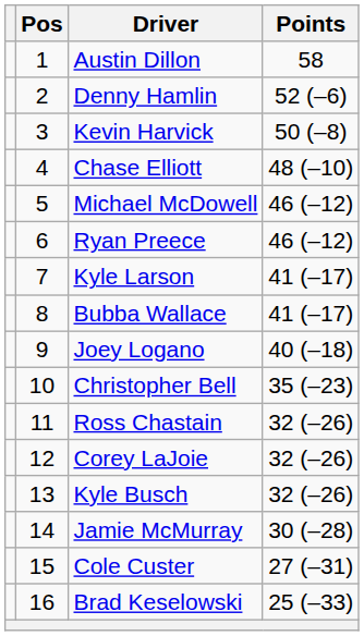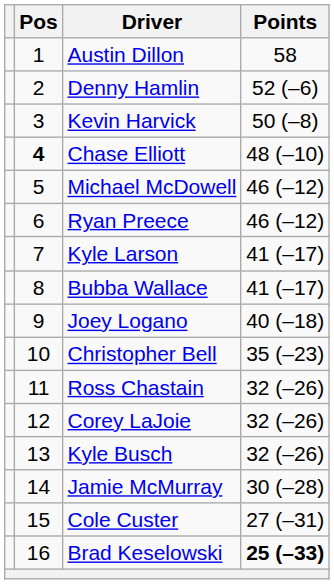 <table class="wikitable" style="font-size: 95%">
 <tr>
 <th></th>
 <th>Pos</th>
 <th>Driver</th>
 <th>Points</th>
 </tr>
 <tr>
 <td align="left"></td>
 <td style="text-align:center;">1</td>
 <td><a href='#'>Austin Dillon</a></td>
 <td style="text-align:center;">58</td>
 </tr>
 <tr>
 <td align="left"></td>
 <td style="text-align:center;">2</td>
 <td><a href='#'>Denny Hamlin</a></td>
 <td style="text-align:center;">52 (–6)</td>
 </tr>
 <tr>
 <td align="left"></td>
 <td style="text-align:center;">3</td>
 <td><a href='#'>Kevin Harvick</a></td>
 <td style="text-align:center;">50 (–8)</td>
 </tr>
 <tr>
 <td align="left"></td>
-<td style="text-align:center;">4</td>
+<td style="text-align:center;"><strong>4</strong></td>
 <td><a href='#'>Chase Elliott</a></td>
 <td style="text-align:center;">48 (–10)</td>
 </tr>
 <tr>
 <td align="left"></td>
 <td style="text-align:center;">5</td>
 <td><a href='#'>Michael McDowell</a></td>
 <td style="text-align:center;">46 (–12)</td>
 </tr>
 <tr>
 <td align="left"></td>
 <td style="text-align:center;">6</td>
 <td><a href='#'>Ryan Preece</a></td>
 <td style="text-align:center;">46 (–12)</td>
 </tr>
 <tr>
 <td align="left"></td>
 <td style="text-align:center;">7</td>
 <td><a href='#'>Kyle Larson</a></td>
 <td style="text-align:center;">41 (–17)</td>
 </tr>
 <tr>
 <td align="left"></td>
 <td style="text-align:center;">8</td>
 <td><a href='#'>Bubba Wallace</a></td>
 <td style="text-align:center;">41 (–17)</td>
 </tr>
 <tr>
 <td align="left"></td>
 <td style="text-align:center;">9</td>
 <td><a href='#'>Joey Logano</a></td>
 <td style="text-align:center;">40 (–18)</td>
 </tr>
 <tr>
 <td align="left"></td>
 <td style="text-align:center;">10</td>
 <td><a href='#'>Christopher Bell</a></td>
 <td style="text-align:center;">35 (–23)</td>
 </tr>
 <tr>
 <td align="left"></td>
 <td style="text-align:center;">11</td>
 <td><a href='#'>Ross Chastain</a></td>
 <td style="text-align:center;">32 (–26)</td>
 </tr>
 <tr>
 <td align="left"></td>
 <td style="text-align:center;">12</td>
 <td><a href='#'>Corey LaJoie</a></td>
 <td style="text-align:center;">32 (–26)</td>
 </tr>
 <tr>
 <td align="left"></td>
 <td style="text-align:center;">13</td>
 <td><a href='#'>Kyle Busch</a></td>
 <td style="text-align:center;">32 (–26)</td>
 </tr>
 <tr>
 <td align="left"></td>
 <td style="text-align:center;">14</td>
 <td><a href='#'>Jamie McMurray</a></td>
 <td style="text-align:center;">30 (–28)</td>
 </tr>
 <tr>
 <td align="left"></td>
 <td style="text-align:center;">15</td>
 <td><a href='#'>Cole Custer</a></td>
 <td style="text-align:center;">27 (–31)</td>
 </tr>
 <tr>
 <td align="left"></td>
 <td style="text-align:center;">16</td>
 <td><a href='#'>Brad Keselowski</a></td>
-<td style="text-align:center;">25 (–33)</td>
+<td style="text-align:center;"><strong>25 (–33)</strong></td>
 </tr>
 <tr class="sortbottom">
 <th colspan="9"></th>
 </tr>
 </table>
